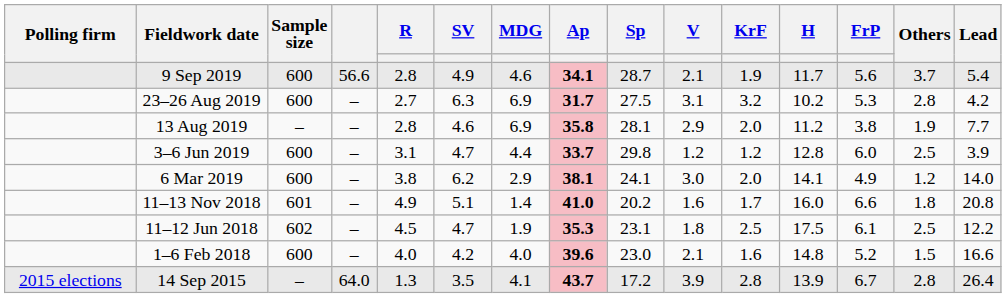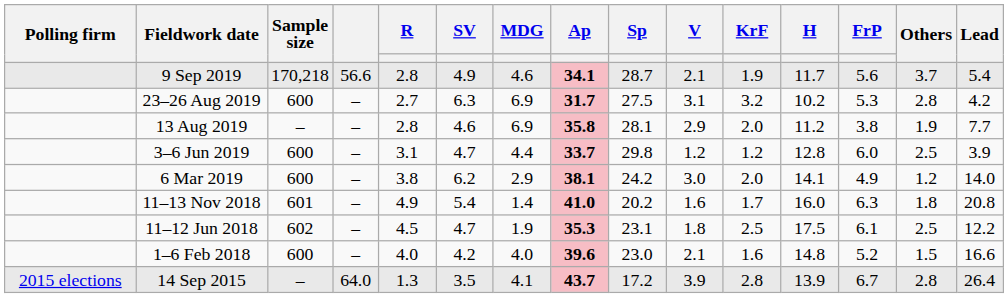 <table class="wikitable sortable" style="text-align:center;font-size:90%;line-height:14px;">
 <tr style="height:40px;">
 <th style="width:100px;" rowspan="2">Polling firm</th>
 <th style="width:100px;" rowspan="2">Fieldwork date</th>
 <th style="width:35px;" rowspan="2">Sample<br>size</th>
 <th style="width:30px;" rowspan="2"></th>
 <th class="unsortable" style="width:40px;"><a href='#'>R</a></th>
 <th class="unsortable" style="width:40px;"><a href='#'>SV</a></th>
 <th class="unsortable" style="width:40px;"><a href='#'>MDG</a></th>
 <th class="unsortable" style="width:40px;"><a href='#'>Ap</a></th>
 <th class="unsortable" style="width:40px;"><a href='#'>Sp</a></th>
 <th class="unsortable" style="width:40px;"><a href='#'>V</a></th>
 <th class="unsortable" style="width:40px;"><a href='#'>KrF</a></th>
 <th class="unsortable" style="width:40px;"><a href='#'>H</a></th>
 <th class="unsortable" style="width:40px;"><a href='#'>FrP</a></th>
 <th class="unsortable" style="width:30px;" rowspan="2">Others</th>
 <th style="width:30px;" rowspan="2">Lead</th>
 </tr>
 <tr>
 <th style="background:"></th>
 <th style="background:"></th>
 <th style="background:"></th>
 <th style="background:"></th>
 <th style="background:"></th>
 <th style="background:"></th>
 <th style="background:"></th>
 <th style="background:"></th>
 <th style="background:"></th>
 </tr>
 <tr style="background:#E9E9E9;">
 <td></td>
 <td data-sort-value="2019-09-09">9 Sep 2019</td>
-<td>600</td>
+<td>170,218</td>
 <td>56.6</td>
 <td>2.8</td>
 <td>4.9</td>
 <td>4.6</td>
 <td style="background:#F7BDC5;"><strong>34.1</strong></td>
 <td>28.7</td>
 <td>2.1</td>
 <td>1.9</td>
 <td>11.7</td>
 <td>5.6</td>
 <td>3.7</td>
 <td style="background:">5.4</td>
 </tr>
 <tr>
 <td></td>
 <td data-sort-value="2019-08-30">23–26 Aug 2019</td>
 <td>600</td>
 <td>–</td>
 <td>2.7</td>
 <td>6.3</td>
 <td>6.9</td>
 <td style="background:#F7BDC5;"><strong>31.7</strong></td>
 <td>27.5</td>
 <td>3.1</td>
 <td>3.2</td>
 <td>10.2</td>
 <td>5.3</td>
 <td>2.8</td>
 <td style="background:">4.2</td>
 </tr>
 <tr>
 <td></td>
 <td data-sort-value="2019-08-13">13 Aug 2019</td>
 <td>–</td>
 <td>–</td>
 <td>2.8</td>
 <td>4.6</td>
 <td>6.9</td>
 <td style="background:#F7BDC5;"><strong>35.8</strong></td>
 <td>28.1</td>
 <td>2.9</td>
 <td>2.0</td>
 <td>11.2</td>
 <td>3.8</td>
 <td>1.9</td>
 <td style="background:">7.7</td>
 </tr>
 <tr>
 <td></td>
 <td data-sort-value="2019-06-06">3–6 Jun 2019</td>
 <td>600</td>
 <td>–</td>
 <td>3.1</td>
 <td>4.7</td>
 <td>4.4</td>
 <td style="background:#F7BDC5;"><strong>33.7</strong></td>
 <td>29.8</td>
 <td>1.2</td>
 <td>1.2</td>
 <td>12.8</td>
 <td>6.0</td>
 <td>2.5</td>
 <td style="background:">3.9</td>
 </tr>
 <tr>
 <td></td>
 <td data-sort-value="2019-03-06">6 Mar 2019</td>
 <td>600</td>
 <td>–</td>
 <td>3.8</td>
 <td>6.2</td>
 <td>2.9</td>
 <td style="background:#F7BDC5;"><strong>38.1</strong></td>
-<td>24.1</td>
+<td>24.2</td>
 <td>3.0</td>
 <td>2.0</td>
 <td>14.1</td>
 <td>4.9</td>
 <td>1.2</td>
 <td style="background:">14.0</td>
 </tr>
 <tr>
 <td></td>
 <td data-sort-value="2018-11-13">11–13 Nov 2018</td>
 <td>601</td>
 <td>–</td>
 <td>4.9</td>
-<td>5.1</td>
+<td>5.4</td>
 <td>1.4</td>
 <td style="background:#F7BDC5;"><strong>41.0</strong></td>
 <td>20.2</td>
 <td>1.6</td>
 <td>1.7</td>
 <td>16.0</td>
-<td>6.6</td>
+<td>6.3</td>
 <td>1.8</td>
 <td style="background:">20.8</td>
 </tr>
 <tr>
 <td></td>
 <td data-sort-value="2018-06-12">11–12 Jun 2018</td>
 <td>602</td>
 <td>–</td>
 <td>4.5</td>
 <td>4.7</td>
 <td>1.9</td>
 <td style="background:#F7BDC5;"><strong>35.3</strong></td>
 <td>23.1</td>
 <td>1.8</td>
 <td>2.5</td>
 <td>17.5</td>
 <td>6.1</td>
 <td>2.5</td>
 <td style="background:">12.2</td>
 </tr>
 <tr>
 <td></td>
 <td data-sort-value="2018-02-06">1–6 Feb 2018</td>
 <td>600</td>
 <td>–</td>
 <td>4.0</td>
 <td>4.2</td>
 <td>4.0</td>
 <td style="background:#F7BDC5;"><strong>39.6</strong></td>
 <td>23.0</td>
 <td>2.1</td>
 <td>1.6</td>
 <td>14.8</td>
 <td>5.2</td>
 <td>1.5</td>
 <td style="background:">16.6</td>
 </tr>
 <tr style="background:#E9E9E9;">
 <td><a href='#'>2015 elections</a></td>
 <td data-sort-value="2015-09-14">14 Sep 2015</td>
 <td>–</td>
 <td>64.0</td>
 <td>1.3</td>
 <td>3.5</td>
 <td>4.1</td>
 <td style="background:#F7BDC5;"><strong>43.7</strong></td>
 <td>17.2</td>
 <td>3.9</td>
 <td>2.8</td>
 <td>13.9</td>
 <td>6.7</td>
 <td>2.8</td>
 <td style="background:">26.4</td>
 </tr>
 </table>
